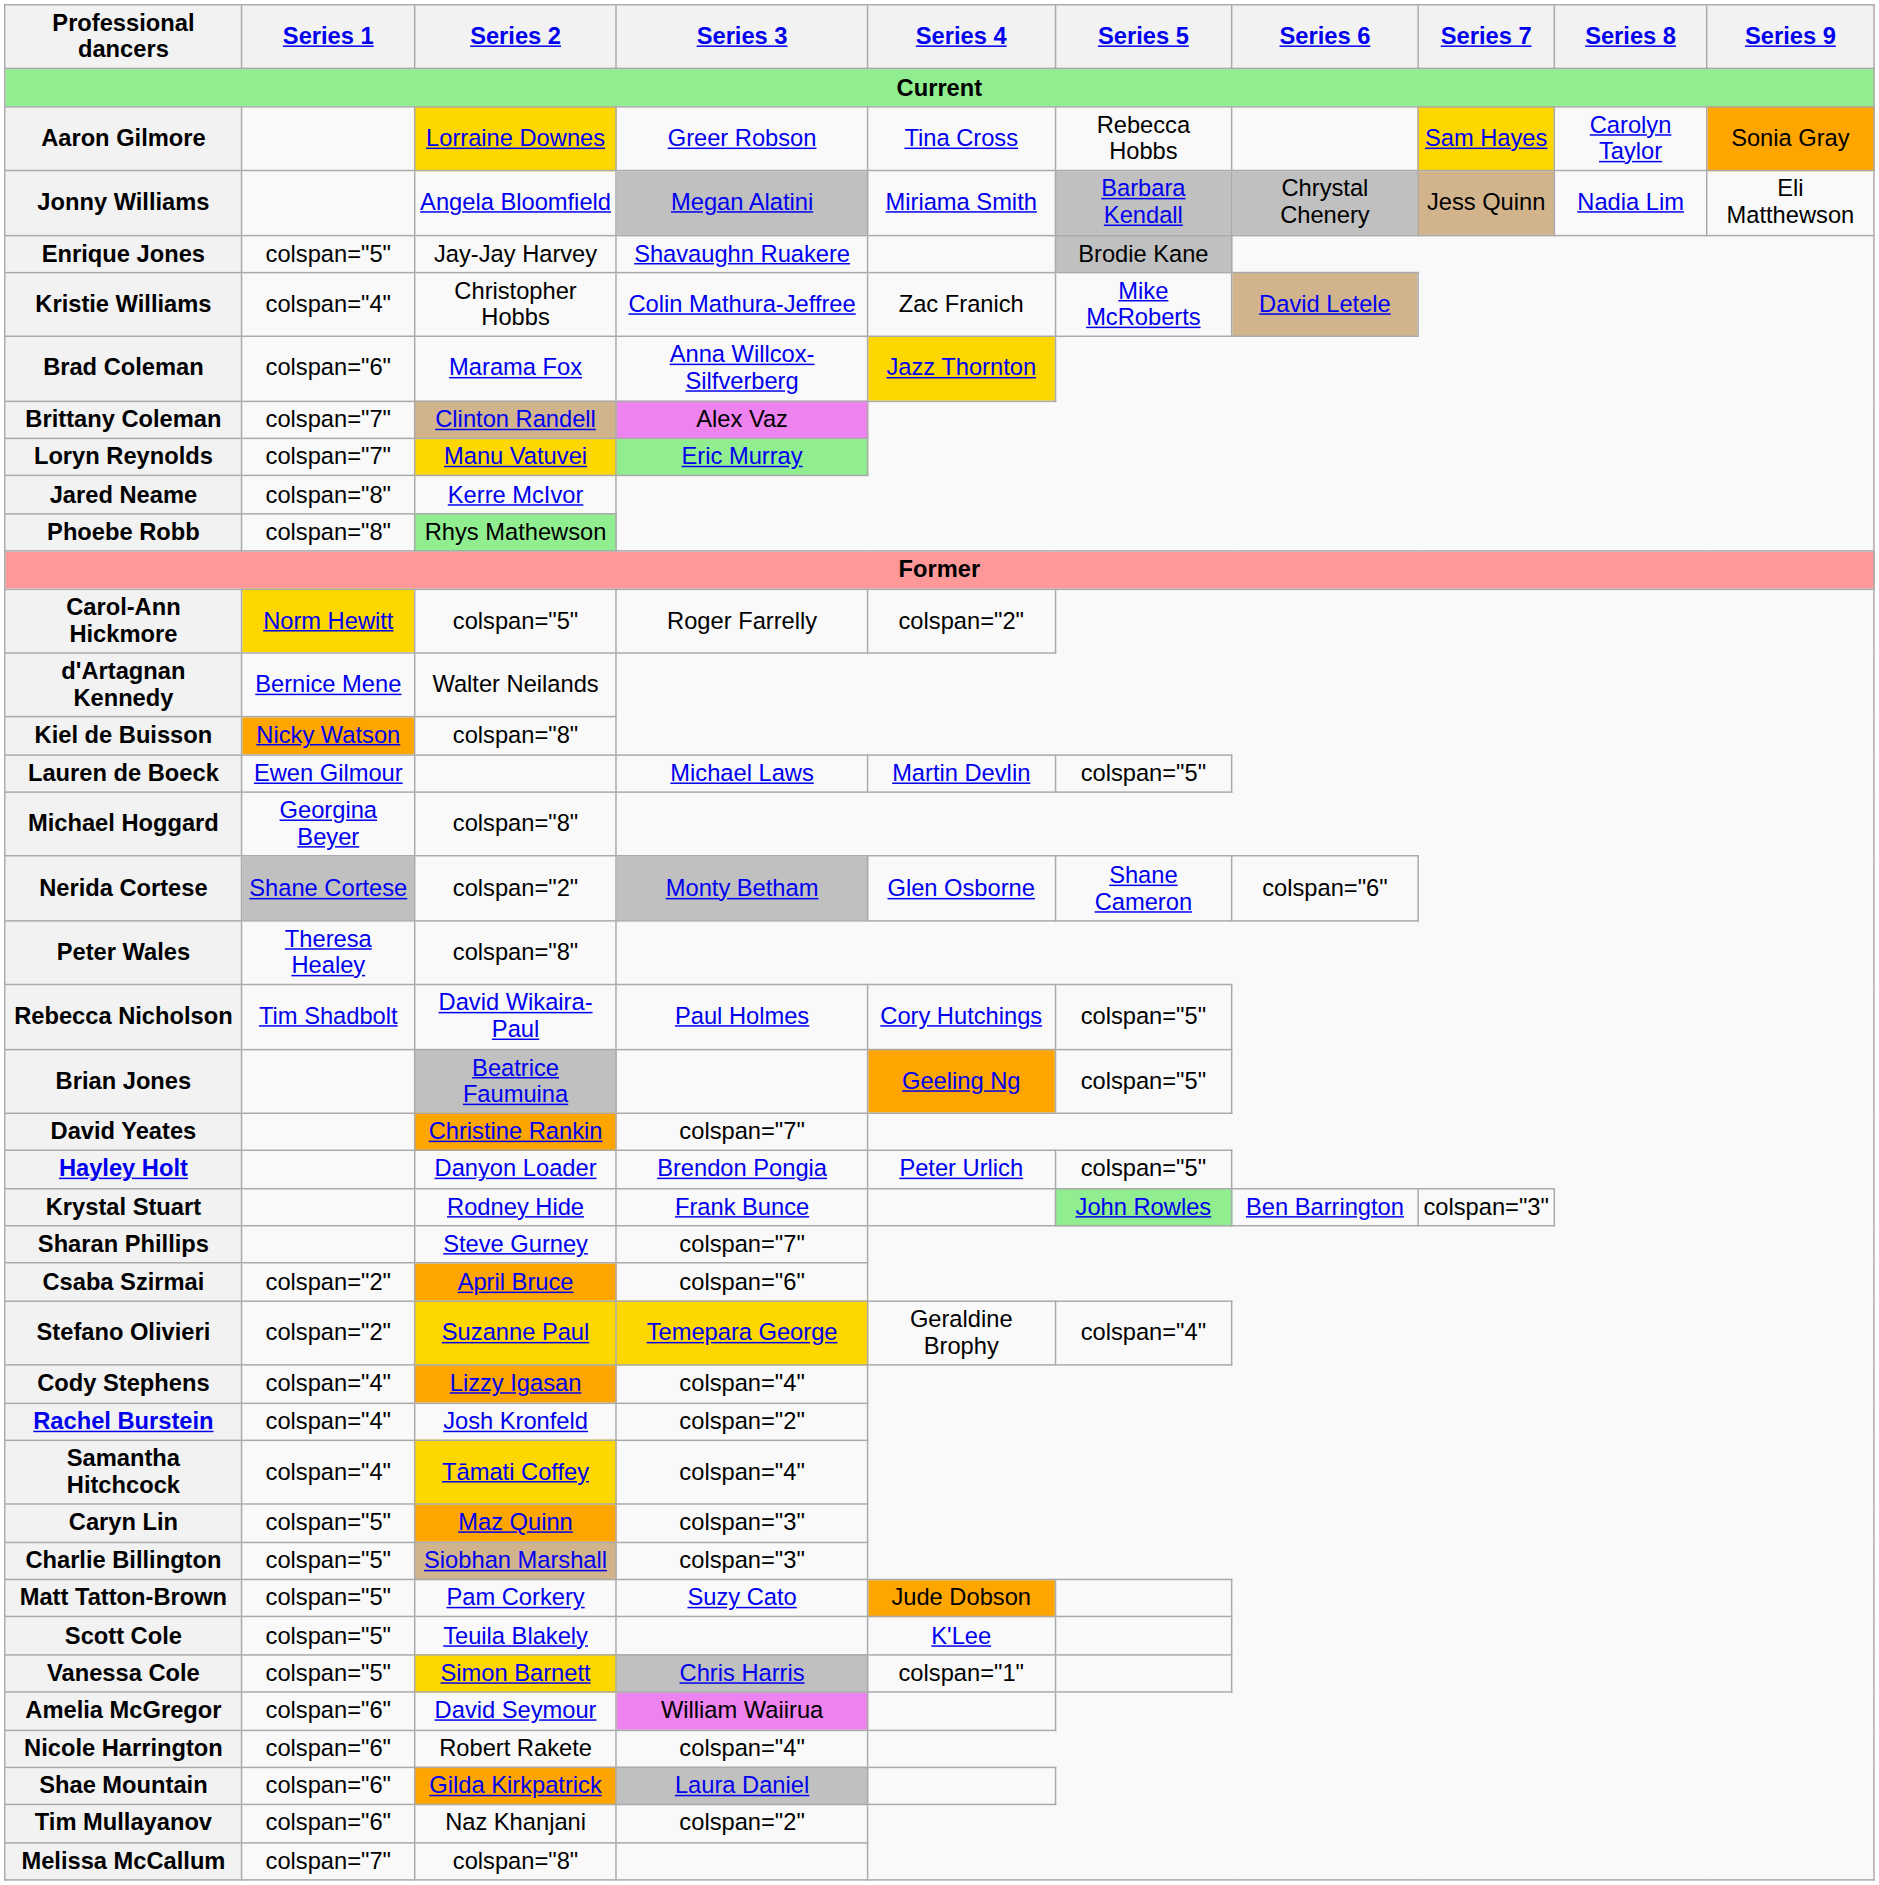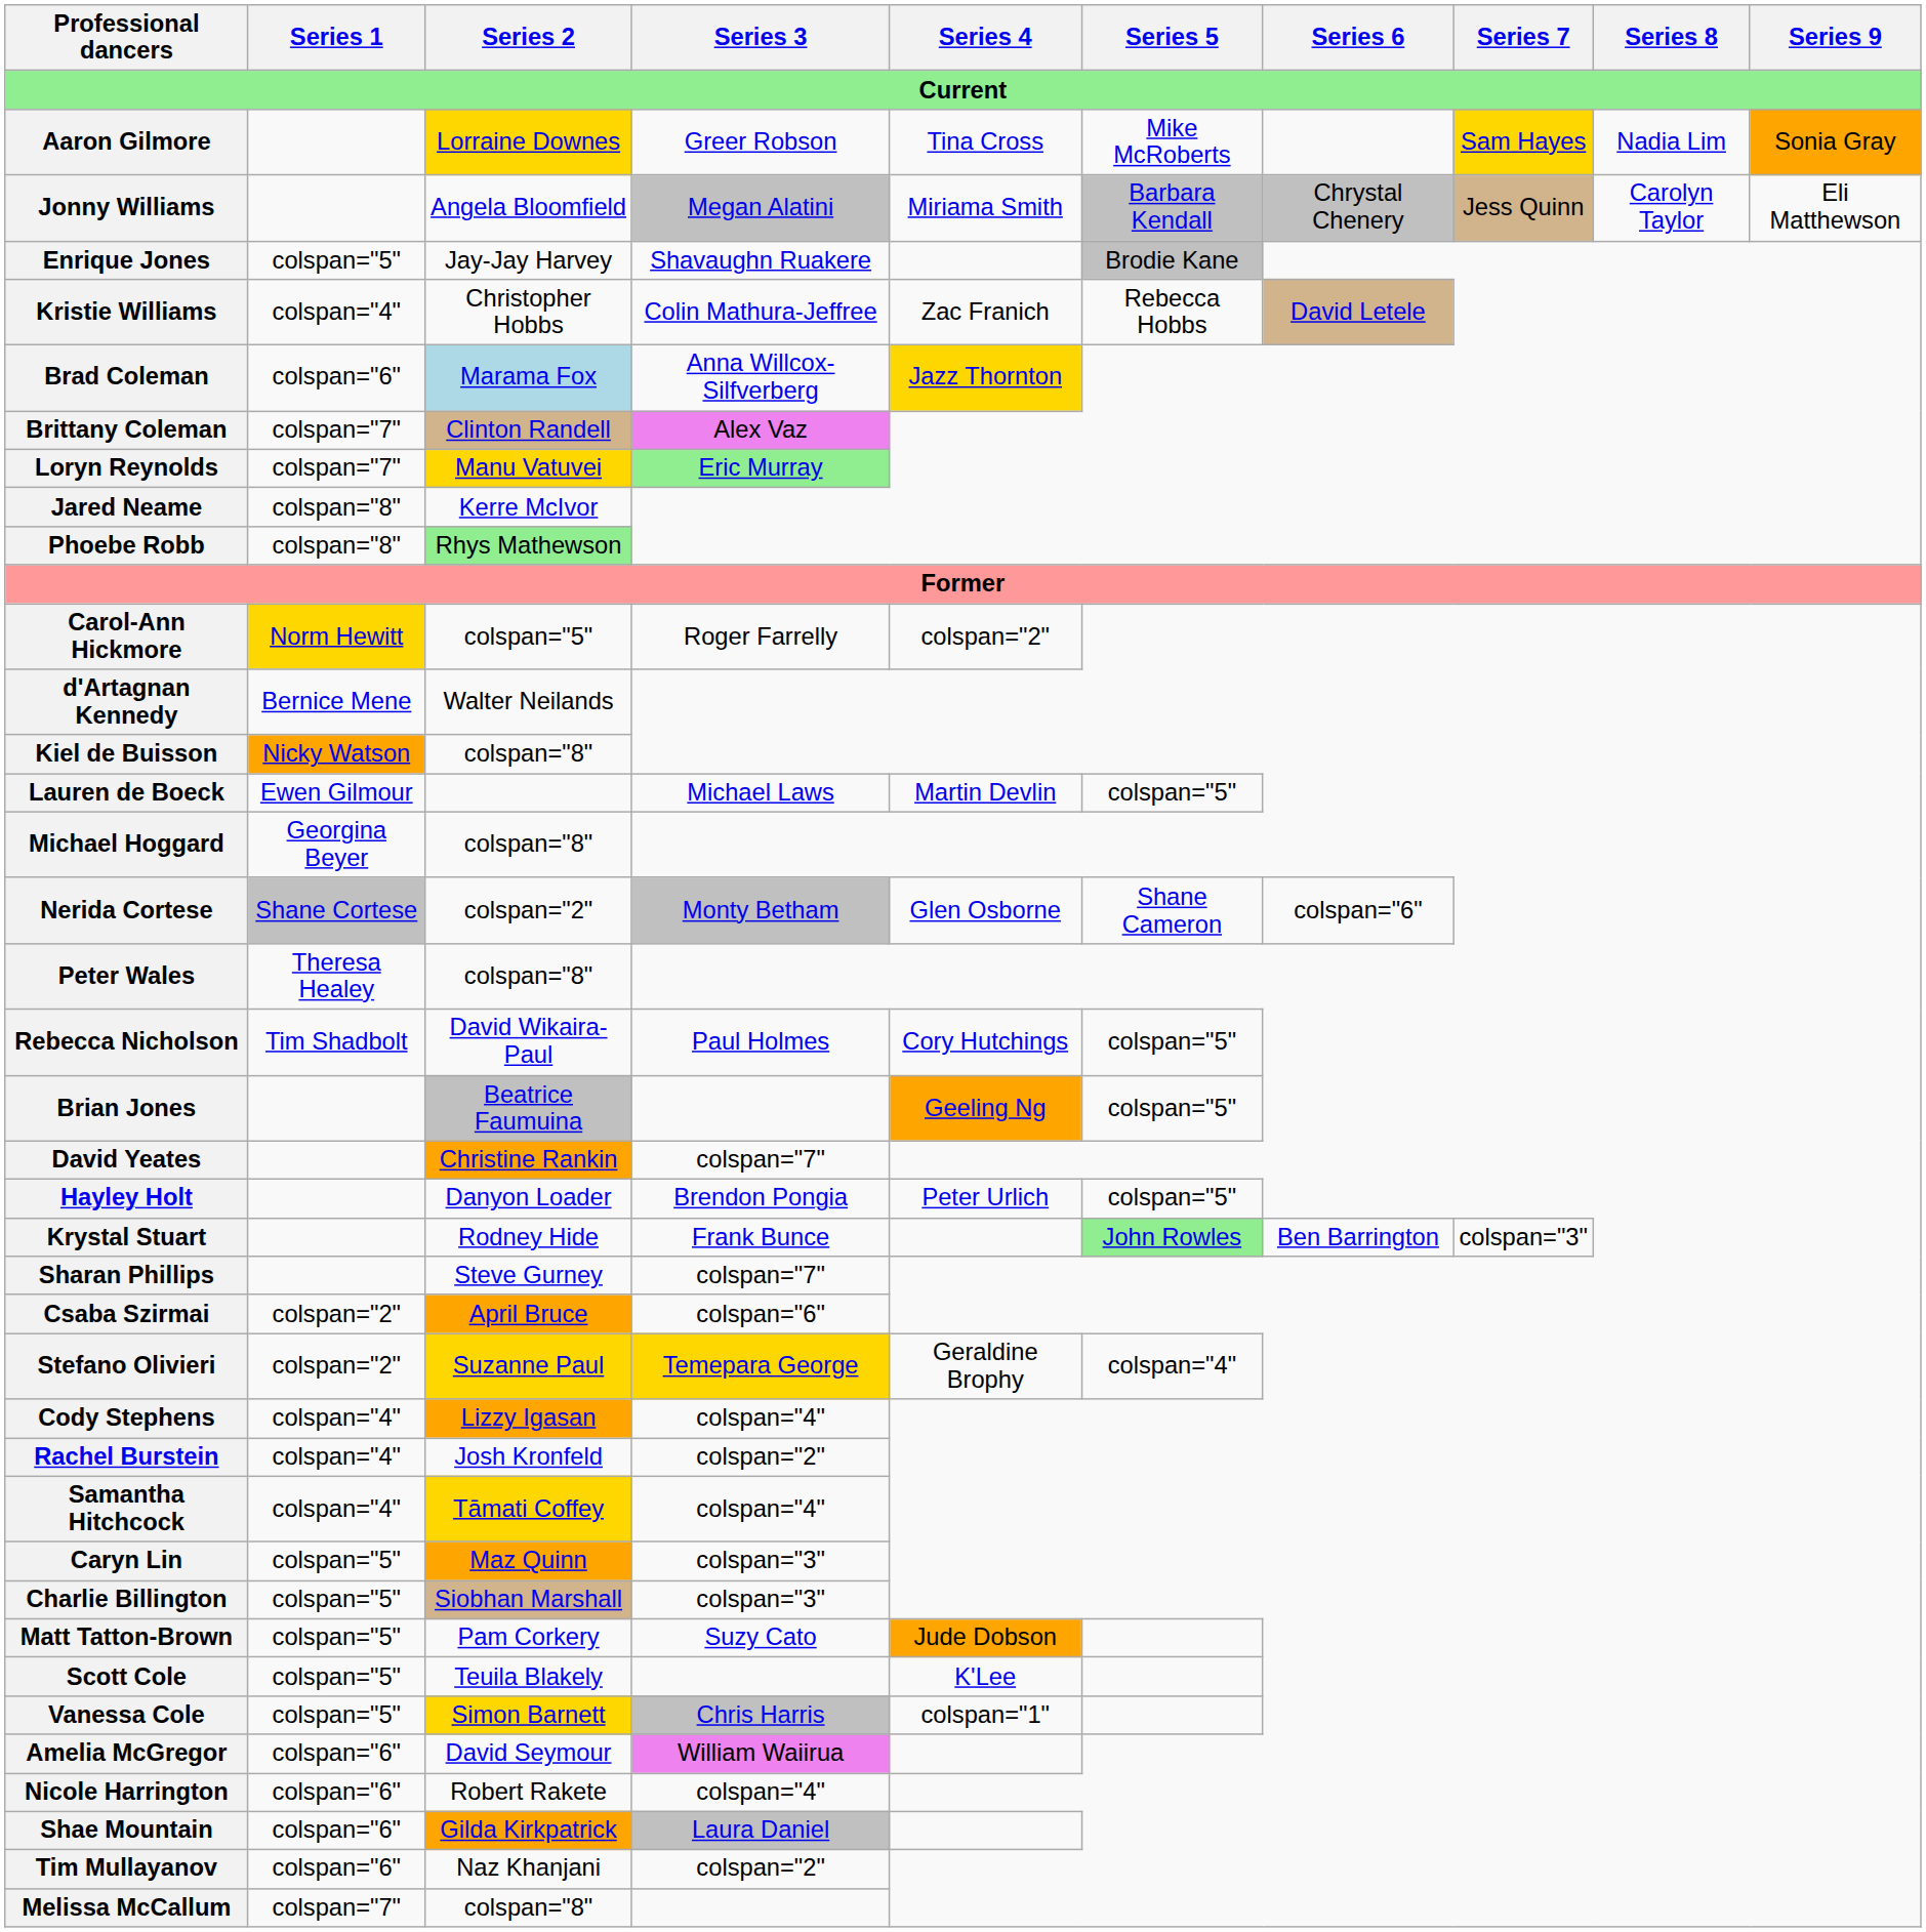 <table class="wikitable sortable collapsible" style="margin:auto; text-align:center;">
 <tr>
 <th>Professional dancers</th>
 <th><a href='#'>Series 1</a></th>
 <th><a href='#'>Series 2</a></th>
 <th><a href='#'>Series 3</a></th>
 <th><a href='#'>Series 4</a></th>
 <th><a href='#'>Series 5</a></th>
 <th><a href='#'>Series 6</a></th>
 <th><a href='#'>Series 7</a></th>
 <th><a href='#'>Series 8</a></th>
 <th><a href='#'>Series 9</a></th>
 </tr>
 <tr>
 <td colspan="10" style="background:lightgreen"><strong>Current</strong></td>
 </tr>
 <tr>
 <th>Aaron Gilmore</th>
 <td></td>
 <td style="background:Gold;"><a href='#'>Lorraine Downes</a></td>
 <td><a href='#'>Greer Robson</a></td>
 <td><a href='#'>Tina Cross</a></td>
-<td>Rebecca Hobbs</td>
+<td><a href='#'>Mike McRoberts</a></td>
 <td></td>
 <td style="background:Gold;"><a href='#'>Sam Hayes</a></td>
-<td><a href='#'>Carolyn Taylor</a></td>
+<td><a href='#'>Nadia Lim</a></td>
 <td style="background:orange;">Sonia Gray</td>
 </tr>
 <tr>
 <th>Jonny Williams</th>
 <td></td>
 <td><a href='#'>Angela Bloomfield</a></td>
 <td style="background:Silver;"><a href='#'>Megan Alatini</a></td>
 <td><a href='#'>Miriama Smith</a></td>
 <td style="background:Silver;"><a href='#'>Barbara Kendall</a></td>
 <td style="background:Silver;">Chrystal Chenery</td>
 <td style="background:Tan;">Jess Quinn</td>
-<td><a href='#'>Nadia Lim</a></td>
+<td><a href='#'>Carolyn Taylor</a></td>
 <td>Eli Matthewson</td>
 </tr>
 <tr>
 <th>Enrique Jones</th>
 <td>colspan="5" </td>
 <td>Jay-Jay Harvey</td>
 <td><a href='#'>Shavaughn Ruakere</a></td>
 <td></td>
 <td style="background:Silver;">Brodie Kane</td>
 </tr>
 <tr>
 <th>Kristie Williams</th>
 <td>colspan="4" </td>
 <td>Christopher Hobbs</td>
 <td><a href='#'>Colin Mathura-Jeffree</a></td>
 <td>Zac Franich</td>
-<td><a href='#'>Mike McRoberts</a></td>
+<td>Rebecca Hobbs</td>
 <td style="background:Tan;"><a href='#'>David Letele</a></td>
 </tr>
 <tr>
 <th>Brad Coleman</th>
 <td>colspan="6" </td>
-<td><a href='#'>Marama Fox</a></td>
+<td style="background: lightblue;"><a href='#'>Marama Fox</a></td>
 <td><a href='#'>Anna Willcox-Silfverberg</a></td>
 <td style="background:Gold;"><a href='#'>Jazz Thornton</a></td>
 </tr>
 <tr>
 <th>Brittany Coleman</th>
 <td>colspan="7" </td>
 <td style="background:Tan;"><a href='#'>Clinton Randell</a></td>
 <td style="background:Violet;">Alex Vaz</td>
 </tr>
 <tr>
 <th>Loryn Reynolds</th>
 <td>colspan="7" </td>
 <td style="background:Gold;"><a href='#'>Manu Vatuvei</a></td>
 <td style="background:lightgreen;"><a href='#'>Eric Murray</a></td>
 </tr>
 <tr>
 <th>Jared Neame</th>
 <td>colspan="8" </td>
 <td><a href='#'>Kerre McIvor</a></td>
 </tr>
 <tr>
 <th>Phoebe Robb</th>
 <td>colspan="8" </td>
 <td style="background:lightgreen;">Rhys Mathewson</td>
 </tr>
 <tr>
 <td colspan="10" style="background:#ff9999"><strong>Former</strong></td>
 </tr>
 <tr>
 <th>Carol-Ann Hickmore</th>
 <td style="background:Gold;"><a href='#'>Norm Hewitt</a></td>
 <td>colspan="5" </td>
 <td>Roger Farrelly</td>
 <td>colspan="2" </td>
 </tr>
 <tr>
 <th>d'Artagnan Kennedy</th>
 <td><a href='#'>Bernice Mene</a></td>
 <td>Walter Neilands</td>
 </tr>
 <tr>
 <th>Kiel de Buisson</th>
 <td style="background:orange;"><a href='#'>Nicky Watson</a></td>
 <td>colspan="8" </td>
 </tr>
 <tr>
 <th>Lauren de Boeck</th>
 <td><a href='#'>Ewen Gilmour</a></td>
 <td></td>
 <td><a href='#'>Michael Laws</a></td>
 <td><a href='#'>Martin Devlin</a></td>
 <td>colspan="5" </td>
 </tr>
 <tr>
 <th>Michael Hoggard</th>
 <td><a href='#'>Georgina Beyer</a></td>
 <td>colspan="8" </td>
 </tr>
 <tr>
 <th>Nerida Cortese</th>
 <td style="background:silver;"><a href='#'>Shane Cortese</a></td>
 <td>colspan="2" </td>
 <td style="background:silver;"><a href='#'>Monty Betham</a></td>
 <td><a href='#'>Glen Osborne</a></td>
 <td><a href='#'>Shane Cameron</a></td>
 <td>colspan="6" </td>
 </tr>
 <tr>
 <th>Peter Wales</th>
 <td><a href='#'>Theresa Healey</a></td>
 <td>colspan="8" </td>
 </tr>
 <tr>
 <th>Rebecca Nicholson</th>
 <td><a href='#'>Tim Shadbolt</a></td>
 <td><a href='#'>David Wikaira-Paul</a></td>
 <td><a href='#'>Paul Holmes</a></td>
 <td><a href='#'>Cory Hutchings</a></td>
 <td>colspan="5" </td>
 </tr>
 <tr>
 <th>Brian Jones</th>
 <td></td>
 <td style="background:silver;"><a href='#'>Beatrice Faumuina</a></td>
 <td></td>
 <td style="background:orange;"><a href='#'>Geeling Ng</a></td>
 <td>colspan="5" </td>
 </tr>
 <tr>
 <th>David Yeates</th>
 <td></td>
 <td style="background:orange;"><a href='#'>Christine Rankin</a></td>
 <td>colspan="7" </td>
 </tr>
 <tr>
 <th><a href='#'>Hayley Holt</a></th>
 <td></td>
 <td><a href='#'>Danyon Loader</a></td>
 <td><a href='#'>Brendon Pongia</a></td>
 <td><a href='#'>Peter Urlich</a></td>
 <td>colspan="5" </td>
 </tr>
 <tr>
 <th>Krystal Stuart</th>
 <td></td>
 <td><a href='#'>Rodney Hide</a></td>
 <td><a href='#'>Frank Bunce</a></td>
 <td></td>
 <td style="background:lightgreen;"><a href='#'>John Rowles</a></td>
 <td><a href='#'>Ben Barrington</a></td>
 <td>colspan="3" </td>
 </tr>
 <tr>
 <th>Sharan Phillips</th>
 <td></td>
 <td><a href='#'>Steve Gurney</a></td>
 <td>colspan="7" </td>
 </tr>
 <tr>
 <th>Csaba Szirmai</th>
 <td>colspan="2" </td>
 <td style="background:orange;"><a href='#'>April Bruce</a></td>
 <td>colspan="6" </td>
 </tr>
 <tr>
 <th>Stefano Olivieri</th>
 <td>colspan="2" </td>
 <td style="background:Gold;"><a href='#'>Suzanne Paul</a></td>
 <td style="background:Gold;"><a href='#'>Temepara George</a></td>
 <td>Geraldine Brophy</td>
 <td>colspan="4" </td>
 </tr>
 <tr>
 <th>Cody Stephens</th>
 <td>colspan="4" </td>
 <td style="background:orange;"><a href='#'>Lizzy Igasan</a></td>
 <td>colspan="4" </td>
 </tr>
 <tr>
 <th><a href='#'>Rachel Burstein</a></th>
 <td>colspan="4" </td>
 <td><a href='#'>Josh Kronfeld</a></td>
 <td>colspan="2" </td>
 </tr>
 <tr>
 <th>Samantha Hitchcock</th>
 <td>colspan="4" </td>
 <td style="background:Gold;"><a href='#'>Tāmati Coffey</a></td>
 <td>colspan="4" </td>
 </tr>
 <tr>
 <th>Caryn Lin</th>
 <td>colspan="5" </td>
 <td style="background:orange;"><a href='#'>Maz Quinn</a></td>
 <td>colspan="3" </td>
 </tr>
 <tr>
 <th>Charlie Billington</th>
 <td>colspan="5" </td>
 <td style="background:Tan;"><a href='#'>Siobhan Marshall</a></td>
 <td>colspan="3" </td>
 </tr>
 <tr>
 <th>Matt Tatton-Brown</th>
 <td>colspan="5" </td>
 <td><a href='#'>Pam Corkery</a></td>
 <td><a href='#'>Suzy Cato</a></td>
 <td style="background:orange;">Jude Dobson</td>
 <td></td>
 </tr>
 <tr>
 <th>Scott Cole</th>
 <td>colspan="5" </td>
 <td><a href='#'>Teuila Blakely</a></td>
 <td></td>
 <td><a href='#'>K'Lee</a></td>
 <td></td>
 </tr>
 <tr>
 <th>Vanessa Cole</th>
 <td>colspan="5" </td>
 <td style="background:Gold;"><a href='#'>Simon Barnett</a></td>
 <td style="background:Silver;"><a href='#'>Chris Harris</a></td>
 <td>colspan="1" </td>
 <td></td>
 </tr>
 <tr>
 <th>Amelia McGregor</th>
 <td>colspan="6" </td>
 <td><a href='#'>David Seymour</a></td>
 <td style="background:violet;">William Waiirua</td>
 <td></td>
 </tr>
 <tr>
 <th>Nicole Harrington</th>
 <td>colspan="6" </td>
 <td>Robert Rakete</td>
 <td>colspan="4" </td>
 </tr>
 <tr>
 <th>Shae Mountain</th>
 <td>colspan="6" </td>
 <td style="background:orange;"><a href='#'>Gilda Kirkpatrick</a></td>
 <td style="background:Silver;"><a href='#'>Laura Daniel</a></td>
 <td></td>
 </tr>
 <tr>
 <th>Tim Mullayanov</th>
 <td>colspan="6" </td>
 <td>Naz Khanjani</td>
 <td>colspan="2" </td>
 </tr>
 <tr>
 <th>Melissa McCallum</th>
 <td>colspan="7" </td>
 <td>colspan="8" </td>
 <td></td>
 </tr>
 </table>
